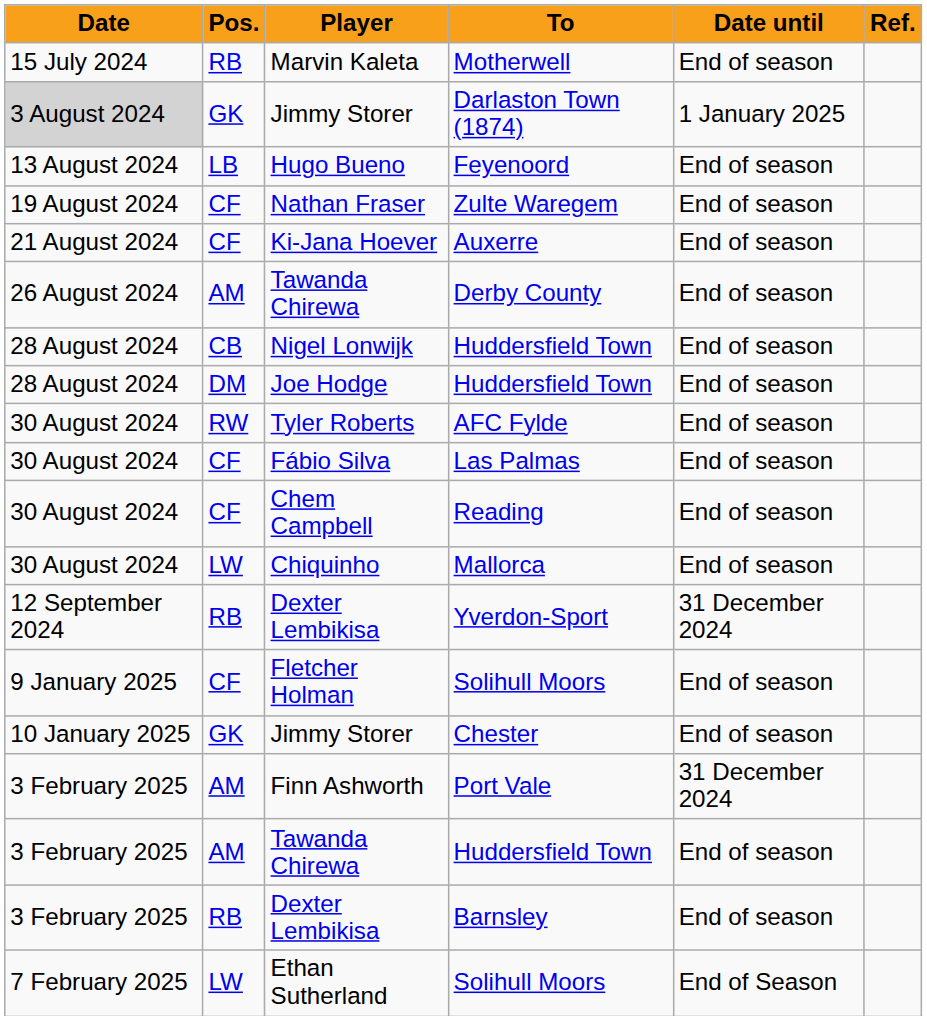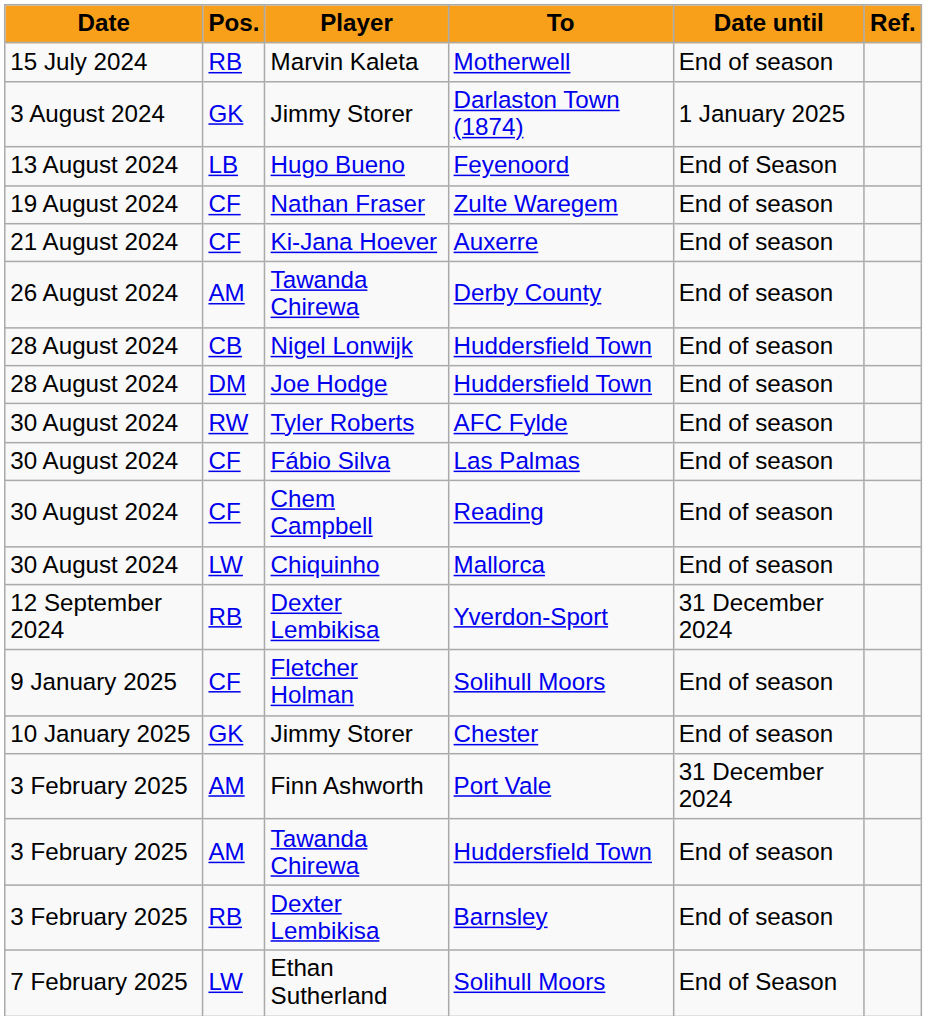 <table class="wikitable plainrowheaders sortable">
 <tr>
 <th style="background:#F9A01B; color:#000000; ">Date</th>
 <th style="background:#F9A01B; color:#000000; ">Pos.</th>
 <th style="background:#F9A01B; color:#000000; ">Player</th>
 <th style="background:#F9A01B; color:#000000; ">To</th>
 <th style="background:#F9A01B; color:#000000; ">Date until</th>
 <th style="background:#F9A01B; color:#000000; ">Ref.</th>
 </tr>
 <tr>
 <td>15 July 2024</td>
 <td><a href='#'>RB</a></td>
 <td> Marvin Kaleta</td>
 <td> <a href='#'>Motherwell</a></td>
 <td>End of season</td>
 <td></td>
 </tr>
 <tr>
-<td style="background: lightgrey;">3 August 2024</td>
+<td>3 August 2024</td>
 <td><a href='#'>GK</a></td>
 <td> Jimmy Storer</td>
 <td> <a href='#'>Darlaston Town (1874)</a></td>
 <td>1 January 2025</td>
 <td></td>
 </tr>
 <tr>
 <td>13 August 2024</td>
 <td><a href='#'>LB</a></td>
 <td> <a href='#'>Hugo Bueno</a></td>
 <td> <a href='#'>Feyenoord</a></td>
-<td>End of season</td>
+<td>End of Season</td>
 <td></td>
 </tr>
 <tr>
 <td>19 August 2024</td>
 <td><a href='#'>CF</a></td>
 <td> <a href='#'>Nathan Fraser</a></td>
 <td> <a href='#'>Zulte Waregem</a></td>
 <td>End of season</td>
 <td></td>
 </tr>
 <tr>
 <td>21 August 2024</td>
 <td><a href='#'>CF</a></td>
 <td> <a href='#'>Ki-Jana Hoever</a></td>
 <td> <a href='#'>Auxerre</a></td>
 <td>End of season</td>
 <td></td>
 </tr>
 <tr>
 <td>26 August 2024</td>
 <td><a href='#'>AM</a></td>
 <td> <a href='#'>Tawanda Chirewa</a></td>
 <td> <a href='#'>Derby County</a></td>
 <td>End of season</td>
 <td></td>
 </tr>
 <tr>
 <td>28 August 2024</td>
 <td><a href='#'>CB</a></td>
 <td> <a href='#'>Nigel Lonwijk</a></td>
 <td> <a href='#'>Huddersfield Town</a></td>
 <td>End of season</td>
 <td></td>
 </tr>
 <tr>
 <td>28 August 2024</td>
 <td><a href='#'>DM</a></td>
 <td> <a href='#'>Joe Hodge</a></td>
 <td> <a href='#'>Huddersfield Town</a></td>
 <td>End of season</td>
 <td></td>
 </tr>
 <tr>
 <td>30 August 2024</td>
 <td><a href='#'>RW</a></td>
 <td> <a href='#'>Tyler Roberts</a></td>
 <td> <a href='#'>AFC Fylde</a></td>
 <td>End of season</td>
 <td></td>
 </tr>
 <tr>
 <td>30 August 2024</td>
 <td><a href='#'>CF</a></td>
 <td> <a href='#'>Fábio Silva</a></td>
 <td> <a href='#'>Las Palmas</a></td>
 <td>End of season</td>
 <td></td>
 </tr>
 <tr>
 <td>30 August 2024</td>
 <td><a href='#'>CF</a></td>
 <td> <a href='#'>Chem Campbell</a></td>
 <td> <a href='#'>Reading</a></td>
 <td>End of season</td>
 <td></td>
 </tr>
 <tr>
 <td>30 August 2024</td>
 <td><a href='#'>LW</a></td>
 <td> <a href='#'>Chiquinho</a></td>
 <td> <a href='#'>Mallorca</a></td>
 <td>End of season</td>
 <td></td>
 </tr>
 <tr>
 <td>12 September 2024</td>
 <td><a href='#'>RB</a></td>
 <td> <a href='#'>Dexter Lembikisa</a></td>
 <td> <a href='#'>Yverdon-Sport</a></td>
 <td>31 December 2024</td>
 <td></td>
 </tr>
 <tr>
 <td>9 January 2025</td>
 <td><a href='#'>CF</a></td>
 <td> <a href='#'>Fletcher Holman</a></td>
 <td> <a href='#'>Solihull Moors</a></td>
 <td>End of season</td>
 <td></td>
 </tr>
 <tr>
 <td>10 January 2025</td>
 <td><a href='#'>GK</a></td>
 <td> Jimmy Storer</td>
 <td> <a href='#'>Chester</a></td>
 <td>End of season</td>
 <td></td>
 </tr>
 <tr>
 <td>3 February 2025</td>
 <td><a href='#'>AM</a></td>
 <td> Finn Ashworth</td>
 <td> <a href='#'>Port Vale</a></td>
 <td>31 December 2024</td>
 <td></td>
 </tr>
 <tr>
 <td>3 February 2025</td>
 <td><a href='#'>AM</a></td>
 <td> <a href='#'>Tawanda Chirewa</a></td>
 <td> <a href='#'>Huddersfield Town</a></td>
 <td>End of season</td>
 <td></td>
 </tr>
 <tr>
 <td>3 February 2025</td>
 <td><a href='#'>RB</a></td>
 <td> <a href='#'>Dexter Lembikisa</a></td>
 <td> <a href='#'>Barnsley</a></td>
 <td>End of season</td>
 <td></td>
 </tr>
 <tr>
 <td>7 February 2025</td>
 <td><a href='#'>LW</a></td>
 <td> Ethan Sutherland</td>
 <td> <a href='#'>Solihull Moors</a></td>
 <td>End of Season</td>
 <td></td>
 </tr>
 </table>
